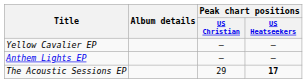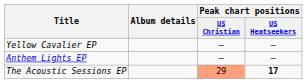 <table class="wikitable" style="margin-bottom: 0; text-align: center;">
 <tr>
 <th scope="col" rowspan="2">Title</th>
 <th scope="col" rowspan="2">Album details</th>
 <th scope="col" colspan="4">Peak chart positions</th>
 </tr>
 <tr style="font-size: smaller;">
 <th scope="col"><a href='#'>US<br>Christian</a></th>
 <th scope="col"><a href='#'>US<br>Heatseekers</a></th>
 </tr>
 <tr>
 <td style="text-align: left;"><em>Yellow Cavalier EP</em></td>
 <td></td>
 <td>—</td>
 <td>—</td>
 </tr>
 <tr>
 <td style="text-align: left;"><em><a href='#'>Anthem Lights EP</a></em></td>
 <td></td>
 <td>—</td>
 <td>—</td>
 </tr>
 <tr>
 <td style="text-align: left;"><em>The Acoustic Sessions EP</em></td>
 <td></td>
-<td>29</td>
+<td style="background: lightsalmon;">29</td>
 <td><strong>17</strong></td>
 </tr>
 </table>
